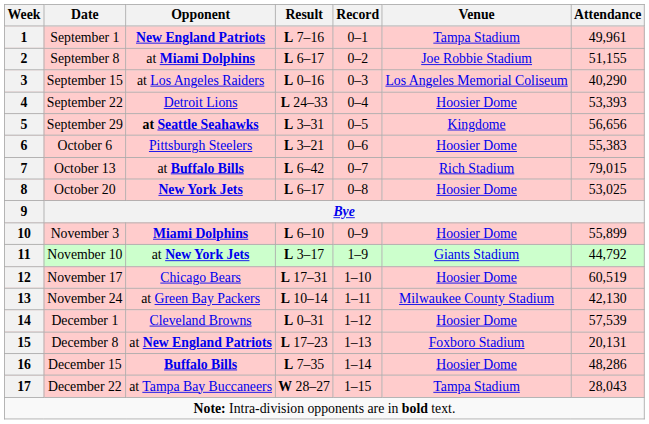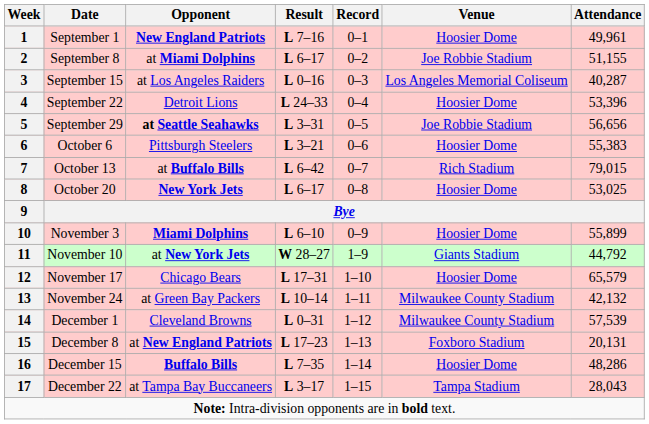 <table class="wikitable" style="text-align:center">
 <tr>
 <th>Week</th>
 <th>Date</th>
 <th>Opponent</th>
 <th>Result</th>
 <th>Record</th>
 <th>Venue</th>
 <th>Attendance</th>
 </tr>
 <tr style="background:#fcc">
 <th>1</th>
 <td>September 1</td>
 <td><strong><a href='#'>New England Patriots</a></strong></td>
 <td><strong>L</strong> 7–16</td>
 <td>0–1</td>
-<td><a href='#'>Tampa Stadium</a></td>
+<td><a href='#'>Hoosier Dome</a></td>
 <td>49,961</td>
 </tr>
 <tr style="background:#fcc">
 <th>2</th>
 <td>September 8</td>
 <td>at <strong><a href='#'>Miami Dolphins</a></strong></td>
 <td><strong>L</strong> 6–17</td>
 <td>0–2</td>
 <td><a href='#'>Joe Robbie Stadium</a></td>
 <td>51,155</td>
 </tr>
 <tr style="background:#fcc">
 <th>3</th>
 <td>September 15</td>
 <td>at <a href='#'>Los Angeles Raiders</a></td>
 <td><strong>L</strong> 0–16</td>
 <td>0–3</td>
 <td><a href='#'>Los Angeles Memorial Coliseum</a></td>
-<td>40,290</td>
+<td>40,287</td>
 </tr>
 <tr style="background:#fcc">
 <th>4</th>
 <td>September 22</td>
 <td><a href='#'>Detroit Lions</a></td>
 <td><strong>L</strong> 24–33</td>
 <td>0–4</td>
 <td><a href='#'>Hoosier Dome</a></td>
-<td>53,393</td>
+<td>53,396</td>
 </tr>
 <tr style="background:#fcc">
 <th>5</th>
 <td>September 29</td>
 <td><strong>at <a href='#'>Seattle Seahawks</a></strong></td>
 <td><strong>L</strong> 3–31</td>
 <td>0–5</td>
-<td><a href='#'>Kingdome</a></td>
+<td><a href='#'>Joe Robbie Stadium</a></td>
 <td>56,656</td>
 </tr>
 <tr style="background:#fcc">
 <th>6</th>
 <td>October 6</td>
 <td><a href='#'>Pittsburgh Steelers</a></td>
 <td><strong>L</strong> 3–21</td>
 <td>0–6</td>
 <td><a href='#'>Hoosier Dome</a></td>
 <td>55,383</td>
 </tr>
 <tr style="background:#fcc">
 <th>7</th>
 <td>October 13</td>
 <td>at <strong><a href='#'>Buffalo Bills</a></strong></td>
 <td><strong>L</strong> 6–42</td>
 <td>0–7</td>
 <td><a href='#'>Rich Stadium</a></td>
 <td>79,015</td>
 </tr>
 <tr style="background:#fcc">
 <th>8</th>
 <td>October 20</td>
 <td><strong><a href='#'>New York Jets</a></strong></td>
 <td><strong>L</strong> 6–17</td>
 <td>0–8</td>
 <td><a href='#'>Hoosier Dome</a></td>
 <td>53,025</td>
 </tr>
 <tr>
 <th>9</th>
 <th colspan="6"><em><a href='#'>Bye</a></em></th>
 </tr>
 <tr style="background:#fcc">
 <th>10</th>
 <td>November 3</td>
 <td><strong><a href='#'>Miami Dolphins</a></strong></td>
 <td><strong>L</strong> 6–10</td>
 <td>0–9</td>
 <td><a href='#'>Hoosier Dome</a></td>
 <td>55,899</td>
 </tr>
 <tr style="background:#cfc">
 <th>11</th>
 <td>November 10</td>
 <td>at <strong><a href='#'>New York Jets</a></strong></td>
-<td><strong>L</strong> 3–17</td>
+<td><strong>W</strong> 28–27</td>
 <td>1–9</td>
 <td><a href='#'>Giants Stadium</a></td>
 <td>44,792</td>
 </tr>
 <tr style="background:#fcc">
 <th>12</th>
 <td>November 17</td>
 <td><a href='#'>Chicago Bears</a></td>
 <td><strong>L</strong> 17–31</td>
 <td>1–10</td>
 <td><a href='#'>Hoosier Dome</a></td>
-<td>60,519</td>
+<td>65,579</td>
 </tr>
 <tr style="background:#fcc">
 <th>13</th>
 <td>November 24</td>
 <td>at <a href='#'>Green Bay Packers</a></td>
 <td><strong>L</strong> 10–14</td>
 <td>1–11</td>
 <td><a href='#'>Milwaukee County Stadium</a></td>
-<td>42,130</td>
+<td>42,132</td>
 </tr>
 <tr style="background:#fcc">
 <th>14</th>
 <td>December 1</td>
 <td><a href='#'>Cleveland Browns</a></td>
 <td><strong>L</strong> 0–31</td>
 <td>1–12</td>
-<td><a href='#'>Hoosier Dome</a></td>
+<td><a href='#'>Milwaukee County Stadium</a></td>
 <td>57,539</td>
 </tr>
 <tr style="background:#fcc">
 <th>15</th>
 <td>December 8</td>
 <td>at <strong><a href='#'>New England Patriots</a></strong></td>
 <td><strong>L</strong> 17–23 </td>
 <td>1–13</td>
 <td><a href='#'>Foxboro Stadium</a></td>
 <td>20,131</td>
 </tr>
 <tr style="background:#fcc">
 <th>16</th>
 <td>December 15</td>
 <td><strong><a href='#'>Buffalo Bills</a></strong></td>
 <td><strong>L</strong> 7–35</td>
 <td>1–14</td>
 <td><a href='#'>Hoosier Dome</a></td>
 <td>48,286</td>
 </tr>
 <tr style="background:#fcc">
 <th>17</th>
 <td>December 22</td>
 <td>at <a href='#'>Tampa Bay Buccaneers</a></td>
-<td><strong>W</strong> 28–27</td>
+<td><strong>L</strong> 3–17</td>
 <td>1–15</td>
 <td><a href='#'>Tampa Stadium</a></td>
 <td>28,043</td>
 </tr>
 <tr>
 <td colspan="7"><strong>Note:</strong> Intra-division opponents are in <strong>bold</strong> text.</td>
 </tr>
 </table>
